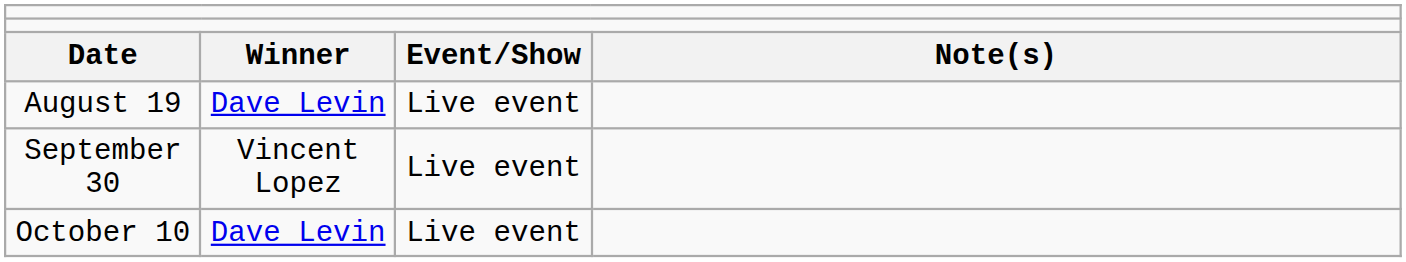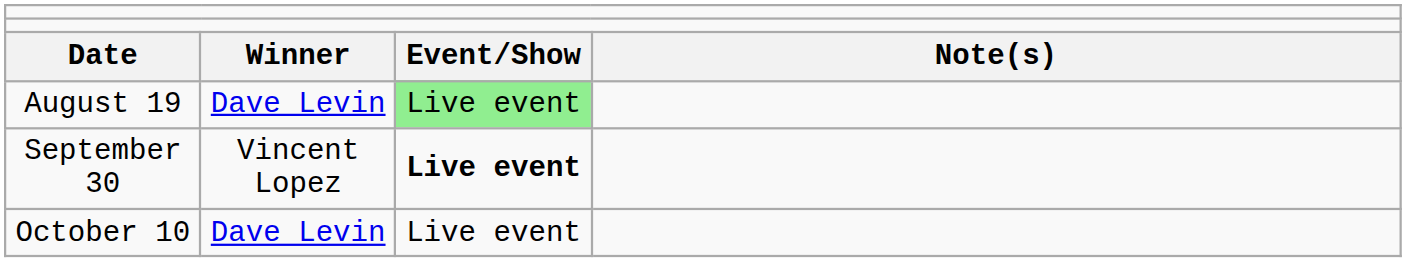 <table class="wikitable" style="text-align:center; width:100%;">
 <tr>
 <td colspan=5></td>
 </tr>
 <tr>
 <td colspan=5><strong></strong></td>
 </tr>
 <tr>
 <th width=14%>Date</th>
 <th width=14%>Winner</th>
 <th width=14%>Event/Show</th>
 <th width=58%>Note(s)</th>
 </tr>
 <tr>
 <td>August 19</td>
 <td><a href='#'>Dave Levin</a></td>
-<td>Live event</td>
+<td style="background: lightgreen;">Live event</td>
 <td align=left></td>
 </tr>
 <tr>
 <td>September 30</td>
 <td>Vincent Lopez</td>
-<td>Live event</td>
+<td><strong>Live event</strong></td>
 <td align=left></td>
 </tr>
 <tr>
 <td>October 10</td>
 <td><a href='#'>Dave Levin</a></td>
 <td>Live event</td>
 <td align=left></td>
 </tr>
 </table>
